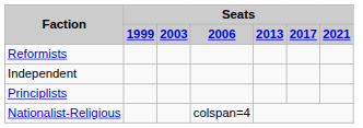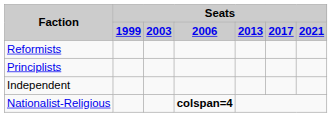 <table class="wikitable">
 <tr>
 <th style="background:#ccc" rowspan="2">Faction</th>
 <th style="background:#ccc" colspan="6">Seats</th>
 </tr>
 <tr>
 <th style="background:#ccc"><a href='#'>1999</a></th>
 <th style="background:#ccc"><a href='#'>2003</a></th>
 <th style="background:#ccc"><a href='#'>2006</a></th>
 <th style="background:#ccc"><a href='#'>2013</a></th>
 <th style="background:#ccc"><a href='#'>2017</a></th>
 <th style="background:#ccc"><a href='#'>2021</a></th>
 </tr>
 <tr>
 <td><a href='#'>Reformists</a></td>
 <td></td>
 <td></td>
 <td></td>
 <td></td>
 <td></td>
 <td></td>
 </tr>
 <tr>
-<td>Independent</td>
+<td><a href='#'>Principlists</a></td>
 <td></td>
 <td></td>
 <td></td>
 <td></td>
 <td></td>
 <td></td>
 </tr>
 <tr>
-<td><a href='#'>Principlists</a></td>
+<td>Independent</td>
 <td></td>
 <td></td>
 <td></td>
 <td></td>
 <td></td>
 <td></td>
 </tr>
 <tr>
 <td><a href='#'>Nationalist-Religious</a></td>
 <td></td>
 <td></td>
-<td>colspan=4 </td>
+<td><strong>colspan=4 </strong></td>
 </tr>
 </table>
